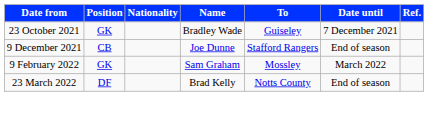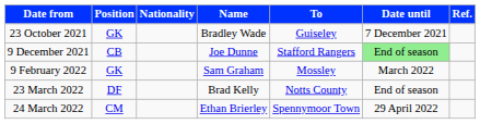 <table class="wikitable"  style="text-align:center; font-size:90%; ">
 <tr>
 <th style="background:#03f;color:#fff;">Date from</th>
 <th style="background:#03f;color:#fff;">Position</th>
 <th style="background:#03f;color:#fff;">Nationality</th>
 <th style="background:#03f;color:#fff;">Name</th>
 <th style="background:#03f;color:#fff;">To</th>
 <th style="background:#03f;color:#fff;">Date until</th>
 <th style="background:#03f;color:#fff;">Ref.</th>
 </tr>
 <tr>
 <td>23 October 2021</td>
 <td><a href='#'>GK</a></td>
 <td></td>
 <td>Bradley Wade</td>
 <td> <a href='#'>Guiseley</a></td>
 <td>7 December 2021</td>
 <td></td>
 </tr>
 <tr>
 <td>9 December 2021</td>
 <td><a href='#'>CB</a></td>
 <td></td>
 <td><a href='#'>Joe Dunne</a></td>
 <td> <a href='#'>Stafford Rangers</a></td>
-<td>End of season</td>
+<td style="background: lightgreen;">End of season</td>
 <td></td>
 </tr>
 <tr>
 <td>9 February 2022</td>
 <td><a href='#'>GK</a></td>
 <td></td>
 <td><a href='#'>Sam Graham</a></td>
 <td> <a href='#'>Mossley</a></td>
 <td>March 2022</td>
 <td></td>
 </tr>
 <tr>
 <td>23 March 2022</td>
 <td><a href='#'>DF</a></td>
 <td></td>
 <td>Brad Kelly</td>
 <td> <a href='#'>Notts County</a></td>
 <td>End of season</td>
 <td></td>
 </tr>
+<tr>
+<td>24 March 2022</td>
+<td><a href='#'>CM</a></td>
+<td></td>
+<td><a href='#'>Ethan Brierley</a></td>
+<td> <a href='#'>Spennymoor Town</a></td>
+<td>29 April 2022</td>
+<td></td>
+</tr>
 </table>
